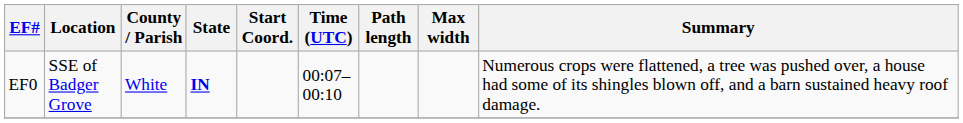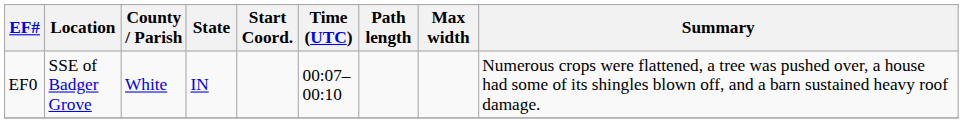 <table class="wikitable sortable" style="width:100%;">
 <tr>
 <th scope="col" style="width:3%; text-align:center;"><a href='#'>EF#</a></th>
 <th scope="col" style="width:7%; text-align:center;" class="unsortable">Location</th>
 <th scope="col" style="width:6%; text-align:center;" class="unsortable">County / Parish</th>
 <th scope="col" style="width:5%; text-align:center;">State</th>
 <th scope="col" style="width:6%; text-align:center;">Start Coord.</th>
 <th scope="col" style="width:6%; text-align:center;">Time (<a href='#'>UTC</a>)</th>
 <th scope="col" style="width:6%; text-align:center;">Path length</th>
 <th scope="col" style="width:6%; text-align:center;">Max width</th>
 <th scope="col" class="unsortable" style="width:48%; text-align:center;">Summary</th>
 </tr>
 <tr>
 <td bgcolor=>EF0</td>
 <td>SSE of <a href='#'>Badger Grove</a></td>
 <td><a href='#'>White</a></td>
-<td><strong><a href='#'>IN</a></strong></td>
+<td><a href='#'>IN</a></td>
 <td></td>
 <td>00:07–00:10</td>
 <td></td>
 <td></td>
 <td>Numerous crops were flattened, a tree was pushed over, a house had some of its shingles blown off, and a barn sustained heavy roof damage.</td>
 </tr>
 <tr>
 </tr>
 </table>
